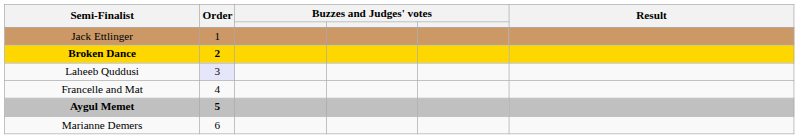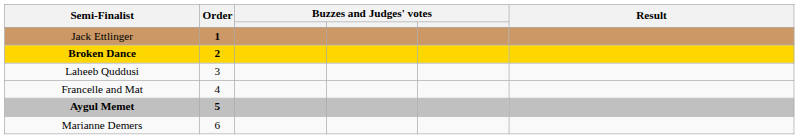 <table class="wikitable plainrowheaders sortable" style="text-align:center;">
 <tr>
 <th scope="col" rowspan="2" class="unsortable" style="width:17em;">Semi-Finalist</th>
 <th scope="col" rowspan="2" style="width:1em;">Order</th>
 <th scope="col" colspan="3" class="unsortable" style="width:24em;">Buzzes and Judges' votes</th>
 <th scope="col" rowspan="2" style="width:25em;">Result</th>
 </tr>
 <tr>
 <th scope="col" class="unsortable" style="width:6em;"></th>
 <th scope="col" class="unsortable" style="width:6em;"></th>
 <th scope="col" class="unsortable" style="width:6em;"></th>
 </tr>
 <tr style="background:#c96;">
 <td>Jack Ettlinger</td>
-<td>1</td>
+<td><strong>1</strong></td>
 <td style="text-align:center"></td>
 <td style="text-align:center"></td>
 <td style="text-align:center"></td>
 <td></td>
 </tr>
 <tr style="background:gold;">
 <td><strong>Broken Dance</strong></td>
 <td><strong>2</strong></td>
 <td style="text-align:center"></td>
 <td style="text-align:center"></td>
 <td style="text-align:center"></td>
 <td><strong></strong></td>
 </tr>
 <tr>
 <td>Laheeb Quddusi</td>
-<td style="background: lavender;">3</td>
+<td>3</td>
 <td style="text-align:center"></td>
 <td style="text-align:center"></td>
 <td style="text-align:center"></td>
 <td></td>
 </tr>
 <tr>
 <td>Francelle and Mat</td>
 <td>4</td>
 <td style="text-align:center"></td>
 <td style="text-align:center"></td>
 <td style="text-align:center"></td>
 <td></td>
 </tr>
 <tr style="background:silver;">
 <td><strong>Aygul Memet</strong></td>
 <td><strong>5</strong></td>
 <td style="text-align:center"></td>
 <td style="text-align:center"></td>
 <td style="text-align:center"></td>
 <td><strong></strong></td>
 </tr>
 <tr>
 <td>Marianne Demers</td>
 <td>6</td>
 <td style="text-align:center"></td>
 <td style="text-align:center"></td>
 <td style="text-align:center"></td>
 <td></td>
 </tr>
 </table>
